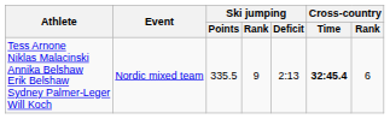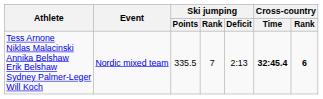 <table class="wikitable" style="font-size:90%">
 <tr>
 <th rowspan="2">Athlete</th>
 <th rowspan="2">Event</th>
 <th colspan="3">Ski jumping</th>
 <th colspan="2">Cross-country</th>
 </tr>
 <tr style="font-size:95%">
 <th>Points</th>
 <th>Rank</th>
 <th>Deficit</th>
 <th>Time</th>
 <th>Rank</th>
 </tr>
 <tr align=center>
 <td align=left><a href='#'>Tess Arnone</a><br><a href='#'>Niklas Malacinski</a><br><a href='#'>Annika Belshaw</a><br><a href='#'>Erik Belshaw</a><br><a href='#'>Sydney Palmer-Leger</a><br><a href='#'>Will Koch</a></td>
 <td align=left><a href='#'>Nordic mixed team</a></td>
 <td>335.5</td>
-<td>9</td>
+<td>7</td>
 <td>2:13</td>
 <td><strong>32:45.4</strong></td>
-<td>6</td>
+<td><strong>6</strong></td>
 </tr>
 </table>
